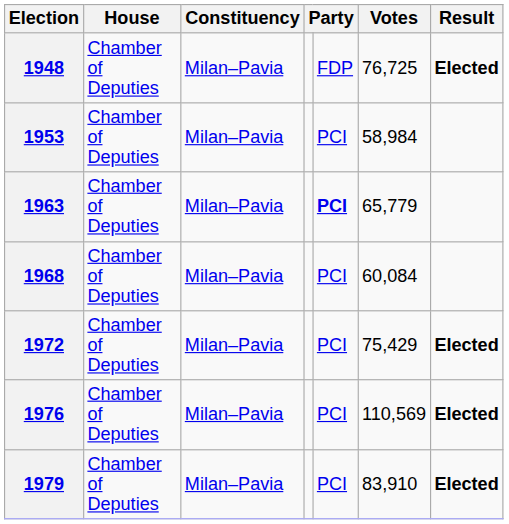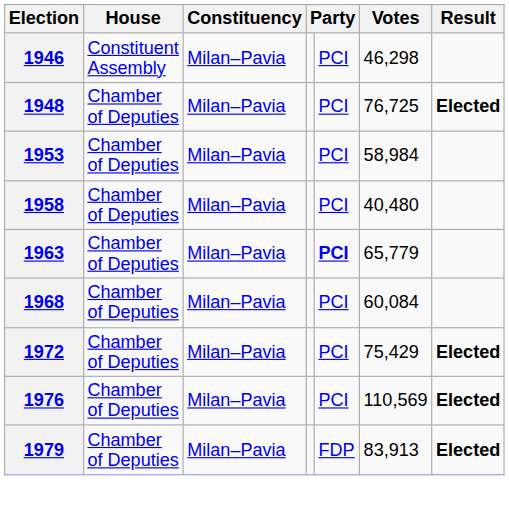 <table class=wikitable style="width:50%; border:1px #AAAAFF solid">
 <tr>
 <th width=12%>Election</th>
 <th width=23%>House</th>
 <th width=25%>Constituency</th>
 <th width=5% colspan="2">Party</th>
 <th width=12%>Votes</th>
 <th width=12%>Result</th>
 </tr>
 <tr>
+<th><a href='#'>1946</a></th>
+<td><a href='#'>Constituent Assembly</a></td>
+<td><a href='#'>Milan–Pavia</a></td>
+<td></td>
+<td><a href='#'>PCI</a></td>
+<td>46,298</td>
+<td></td>
+</tr>
+<tr>
 <th><a href='#'>1948</a></th>
 <td><a href='#'>Chamber of Deputies</a></td>
 <td><a href='#'>Milan–Pavia</a></td>
 <td></td>
-<td><a href='#'>FDP</a></td>
+<td><a href='#'>PCI</a></td>
 <td>76,725</td>
 <td> <strong>Elected</strong></td>
 </tr>
 <tr>
 <th><a href='#'>1953</a></th>
 <td><a href='#'>Chamber of Deputies</a></td>
 <td><a href='#'>Milan–Pavia</a></td>
 <td></td>
 <td><a href='#'>PCI</a></td>
 <td>58,984</td>
+<td></td>
+</tr>
+<tr>
+<th><a href='#'>1958</a></th>
+<td><a href='#'>Chamber of Deputies</a></td>
+<td><a href='#'>Milan–Pavia</a></td>
+<td></td>
+<td><a href='#'>PCI</a></td>
+<td>40,480</td>
 <td></td>
 </tr>
 <tr>
 <th><a href='#'>1963</a></th>
 <td><a href='#'>Chamber of Deputies</a></td>
 <td><a href='#'>Milan–Pavia</a></td>
 <td></td>
 <td><strong><a href='#'>PCI</a></strong></td>
 <td>65,779</td>
 <td></td>
 </tr>
 <tr>
 <th><a href='#'>1968</a></th>
 <td><a href='#'>Chamber of Deputies</a></td>
 <td><a href='#'>Milan–Pavia</a></td>
 <td></td>
 <td><a href='#'>PCI</a></td>
 <td>60,084</td>
 <td></td>
 </tr>
 <tr>
 <th><a href='#'>1972</a></th>
 <td><a href='#'>Chamber of Deputies</a></td>
 <td><a href='#'>Milan–Pavia</a></td>
 <td></td>
 <td><a href='#'>PCI</a></td>
 <td>75,429</td>
 <td> <strong>Elected</strong></td>
 </tr>
 <tr>
 <th><a href='#'>1976</a></th>
 <td><a href='#'>Chamber of Deputies</a></td>
 <td><a href='#'>Milan–Pavia</a></td>
 <td></td>
 <td><a href='#'>PCI</a></td>
 <td>110,569</td>
 <td> <strong>Elected</strong></td>
 </tr>
 <tr>
 <th><a href='#'>1979</a></th>
 <td><a href='#'>Chamber of Deputies</a></td>
 <td><a href='#'>Milan–Pavia</a></td>
 <td></td>
-<td><a href='#'>PCI</a></td>
-<td>83,910</td>
+<td><a href='#'>FDP</a></td>
+<td>83,913</td>
 <td> <strong>Elected</strong></td>
 </tr>
 <tr>
 </tr>
 </table>
